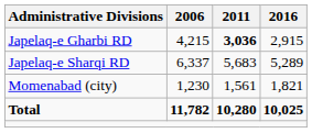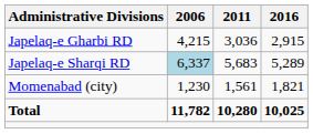 <table class="wikitable">
 <tr>
 <th>Administrative Divisions</th>
 <th>2006</th>
 <th>2011</th>
 <th>2016</th>
 </tr>
 <tr>
 <td><a href='#'>Japelaq-e Gharbi RD</a></td>
 <td style="text-align: right;">4,215</td>
-<td style="text-align: right;"><strong>3,036</strong></td>
+<td style="text-align: right;">3,036</td>
 <td style="text-align: right;">2,915</td>
 </tr>
 <tr>
 <td><a href='#'>Japelaq-e Sharqi RD</a></td>
-<td style="text-align: right;">6,337</td>
+<td style="background: lightblue; text-align: right;">6,337</td>
 <td style="text-align: right;">5,683</td>
 <td style="text-align: right;">5,289</td>
 </tr>
 <tr>
 <td><a href='#'>Momenabad</a> (city)</td>
 <td style="text-align: right;">1,230</td>
 <td style="text-align: right;">1,561</td>
 <td style="text-align: right;">1,821</td>
 </tr>
 <tr>
 <td><strong>Total</strong></td>
 <td style="text-align: right;"><strong>11,782</strong></td>
 <td style="text-align: right;"><strong>10,280</strong></td>
 <td style="text-align: right;"><strong>10,025</strong></td>
 </tr>
 <tr>
 <td colspan=4></td>
 </tr>
 </table>
